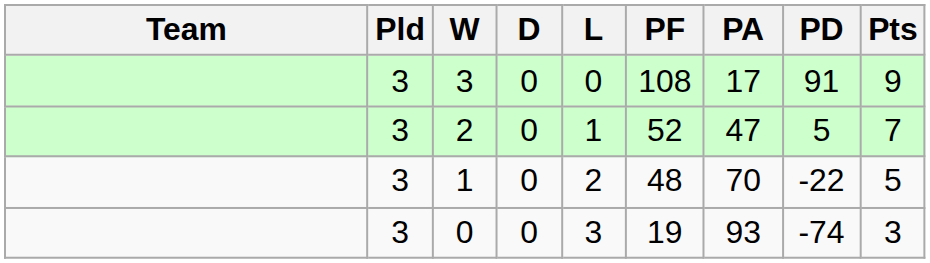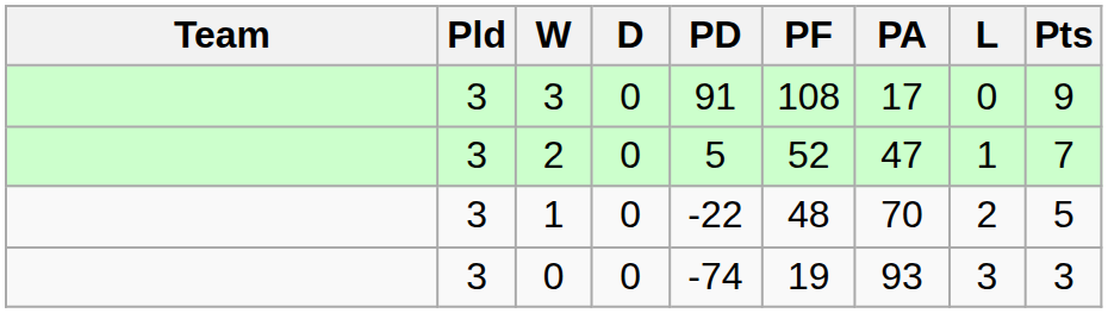 <table class="wikitable" style="text-align:center;">
 <tr>
 <th width=175>Team</th>
 <th width=25 abbr="Played">Pld</th>
 <th width=25 abbr="Won">W</th>
 <th width=25 abbr="Drawn">D</th>
-<th width=25 abbr="Lost">L</th>
+<th width=32 abbr="Points difference">PD</th>
 <th width=32 abbr="Points for">PF</th>
 <th width=32 abbr="Points against">PA</th>
-<th width=32 abbr="Points difference">PD</th>
+<th width=25 abbr="Lost">L</th>
 <th width=25 abbr="Points">Pts</th>
 </tr>
 <tr bgcolor="#ccffcc">
 <td align=left></td>
 <td>3</td>
 <td>3</td>
 <td>0</td>
-<td>0</td>
+<td>91</td>
 <td>108</td>
 <td>17</td>
-<td>91</td>
+<td>0</td>
 <td>9</td>
 </tr>
 <tr bgcolor="#ccffcc">
 <td align=left></td>
 <td>3</td>
 <td>2</td>
 <td>0</td>
-<td>1</td>
+<td>5</td>
 <td>52</td>
 <td>47</td>
-<td>5</td>
+<td>1</td>
 <td>7</td>
 </tr>
 <tr>
 <td align=left></td>
 <td>3</td>
 <td>1</td>
 <td>0</td>
-<td>2</td>
+<td>-22</td>
 <td>48</td>
 <td>70</td>
-<td>-22</td>
+<td>2</td>
 <td>5</td>
 </tr>
 <tr>
 <td align=left></td>
 <td>3</td>
 <td>0</td>
 <td>0</td>
-<td>3</td>
+<td>-74</td>
 <td>19</td>
 <td>93</td>
-<td>-74</td>
+<td>3</td>
 <td>3</td>
 </tr>
 </table>
